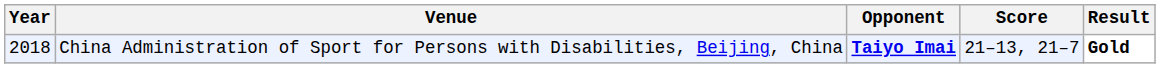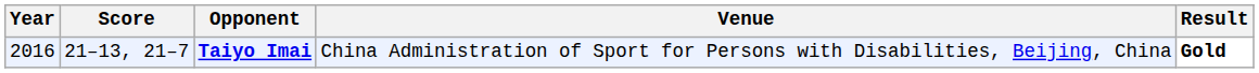 <table class="sortable wikitable" style="font-size: 90%;">
 <tr>
 <th>Year</th>
+<th>Score</th>
+<th>Opponent</th>
 <th>Venue</th>
-<th>Opponent</th>
-<th>Score</th>
 <th>Result</th>
 </tr>
 <tr style="background:#ECF2FF">
-<td align="center">2018</td>
+<td align="center">2016</td>
+<td align="left">21–13, 21–7</td>
+<td align="left"><strong> <a href='#'>Taiyo Imai</a></strong></td>
 <td align="left">China Administration of Sport for Persons with Disabilities, <a href='#'>Beijing</a>, China</td>
-<td align="left"><strong> <a href='#'>Taiyo Imai</a></strong></td>
-<td align="left">21–13, 21–7</td>
 <td style="text-align:left; background:white"> <strong>Gold</strong></td>
 </tr>
 </table>
